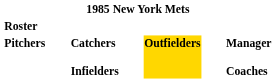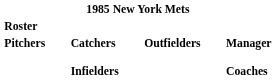 <table class="toccolours" style="font-size: 95%;">
 <tr>
 <th colspan="10">1985 New York Mets</th>
 </tr>
 <tr>
 <td colspan="10"><strong>Roster</strong></td>
 </tr>
 <tr>
 <td valign="top"><strong>Pitchers</strong><br>                </td>
 <td width="25px"></td>
 <td valign="top"><strong>Catchers</strong><br>  <br><strong>Infielders</strong>        </td>
 <td width="25px"></td>
-<td valign="top" style="background: gold;"><strong>Outfielders</strong><br>         </td>
+<td valign="top"><strong>Outfielders</strong><br>         </td>
 <td width="25px"></td>
 <td valign="top"><strong>Manager</strong><br><br><strong>Coaches</strong>     </td>
 </tr>
 </table>
